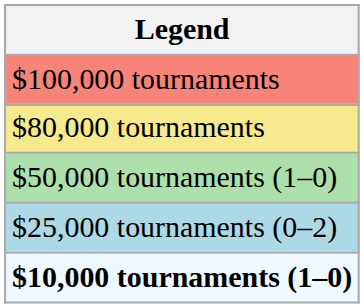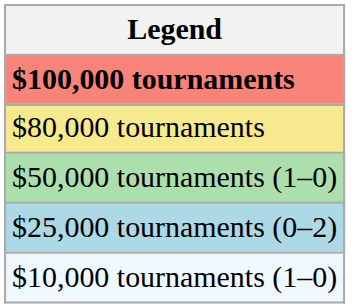 <table class="wikitable" style="font-size:90%">
 <tr>
 <th>Legend</th>
 </tr>
 <tr bgcolor=f88379>
-<td>$100,000 tournaments</td>
+<td><strong>$100,000 tournaments</strong></td>
 </tr>
 <tr bgcolor=f7e98e>
 <td>$80,000 tournaments</td>
 </tr>
 <tr bgcolor="#ADDFAD">
 <td>$50,000 tournaments (1–0)</td>
 </tr>
 <tr bgcolor="lightblue">
 <td>$25,000 tournaments (0–2)</td>
 </tr>
 <tr bgcolor="#f0f8ff">
-<td><strong>$10,000 tournaments (1–0)</strong></td>
+<td>$10,000 tournaments (1–0)</td>
 </tr>
 </table>
